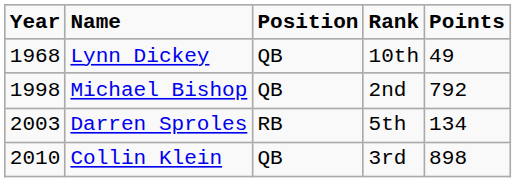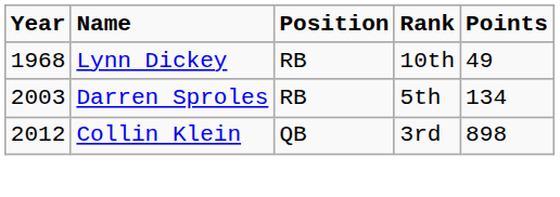 <table class="wikitable">
 <tr>
 <td><strong>Year</strong></td>
 <td><strong>Name</strong></td>
 <td><strong>Position</strong></td>
 <td><strong>Rank</strong></td>
 <td><strong>Points</strong></td>
 </tr>
 <tr>
 <td>1968</td>
 <td><a href='#'>Lynn Dickey</a></td>
-<td>QB</td>
+<td>RB</td>
 <td>10th</td>
 <td>49</td>
-</tr>
-<tr>
-<td>1998</td>
-<td><a href='#'>Michael Bishop</a></td>
-<td>QB</td>
-<td>2nd</td>
-<td>792</td>
 </tr>
 <tr>
 <td>2003</td>
 <td><a href='#'>Darren Sproles</a></td>
 <td>RB</td>
 <td>5th</td>
 <td>134</td>
 </tr>
 <tr>
-<td>2010</td>
+<td>2012</td>
 <td><a href='#'>Collin Klein</a></td>
 <td>QB</td>
 <td>3rd</td>
 <td>898</td>
 </tr>
 </table>
